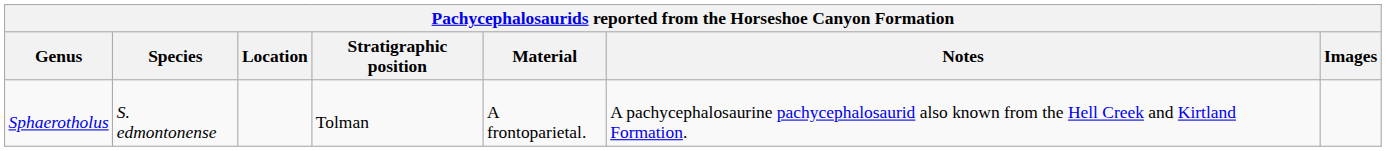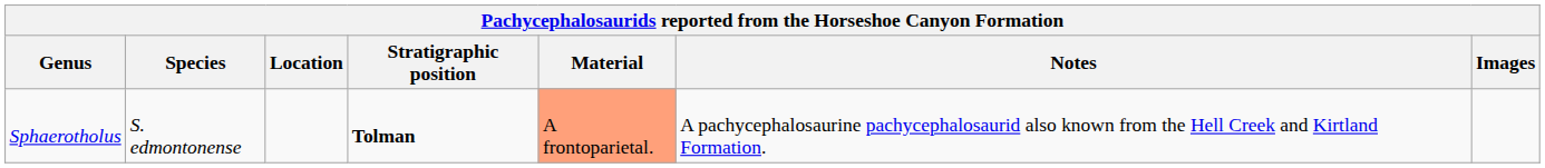 <table class="wikitable" align="center" width="100%">
 <tr>
 <th colspan="7" align="center"><strong><a href='#'>Pachycephalosaurids</a> reported from the Horseshoe Canyon Formation</strong></th>
 </tr>
 <tr>
 <th>Genus</th>
 <th>Species</th>
 <th>Location</th>
 <th>Stratigraphic position</th>
 <th>Material</th>
 <th>Notes</th>
 <th>Images</th>
 </tr>
 <tr>
 <td><br><em><a href='#'>Sphaerotholus</a></em></td>
 <td><br><em>S. edmontonense</em></td>
 <td></td>
-<td><br>Tolman</td>
-<td><br>A frontoparietal.</td>
+<td><strong><br>Tolman</strong></td>
+<td style="background: lightsalmon;"><br>A frontoparietal.</td>
 <td><br>A pachycephalosaurine <a href='#'>pachycephalosaurid</a> also known from the <a href='#'>Hell Creek</a> and <a href='#'>Kirtland Formation</a>.</td>
 <td></td>
 </tr>
 </table>
